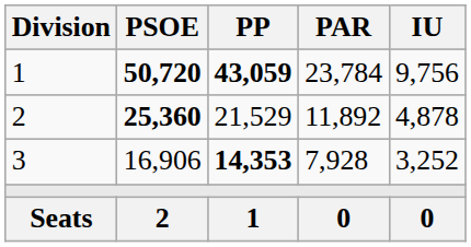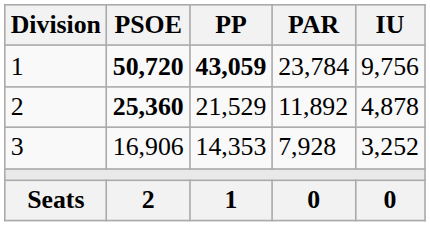 <table class="wikitable">
 <tr>
 <th>Division</th>
 <th>PSOE</th>
 <th>PP</th>
 <th>PAR</th>
 <th>IU</th>
 </tr>
 <tr>
 <td>1</td>
 <td><strong>50,720</strong></td>
 <td><strong>43,059</strong></td>
 <td>23,784</td>
 <td>9,756</td>
 </tr>
 <tr>
 <td>2</td>
 <td><strong>25,360</strong></td>
 <td>21,529</td>
 <td>11,892</td>
 <td>4,878</td>
 </tr>
 <tr>
 <td>3</td>
 <td>16,906</td>
-<td><strong>14,353</strong></td>
+<td>14,353</td>
 <td>7,928</td>
 <td>3,252</td>
 </tr>
 <tr>
 <td colspan="5" bgcolor="#E9E9E9"></td>
 </tr>
 <tr>
 <th>Seats</th>
 <th>2</th>
 <th>1</th>
 <th>0</th>
 <th>0</th>
 </tr>
 </table>
